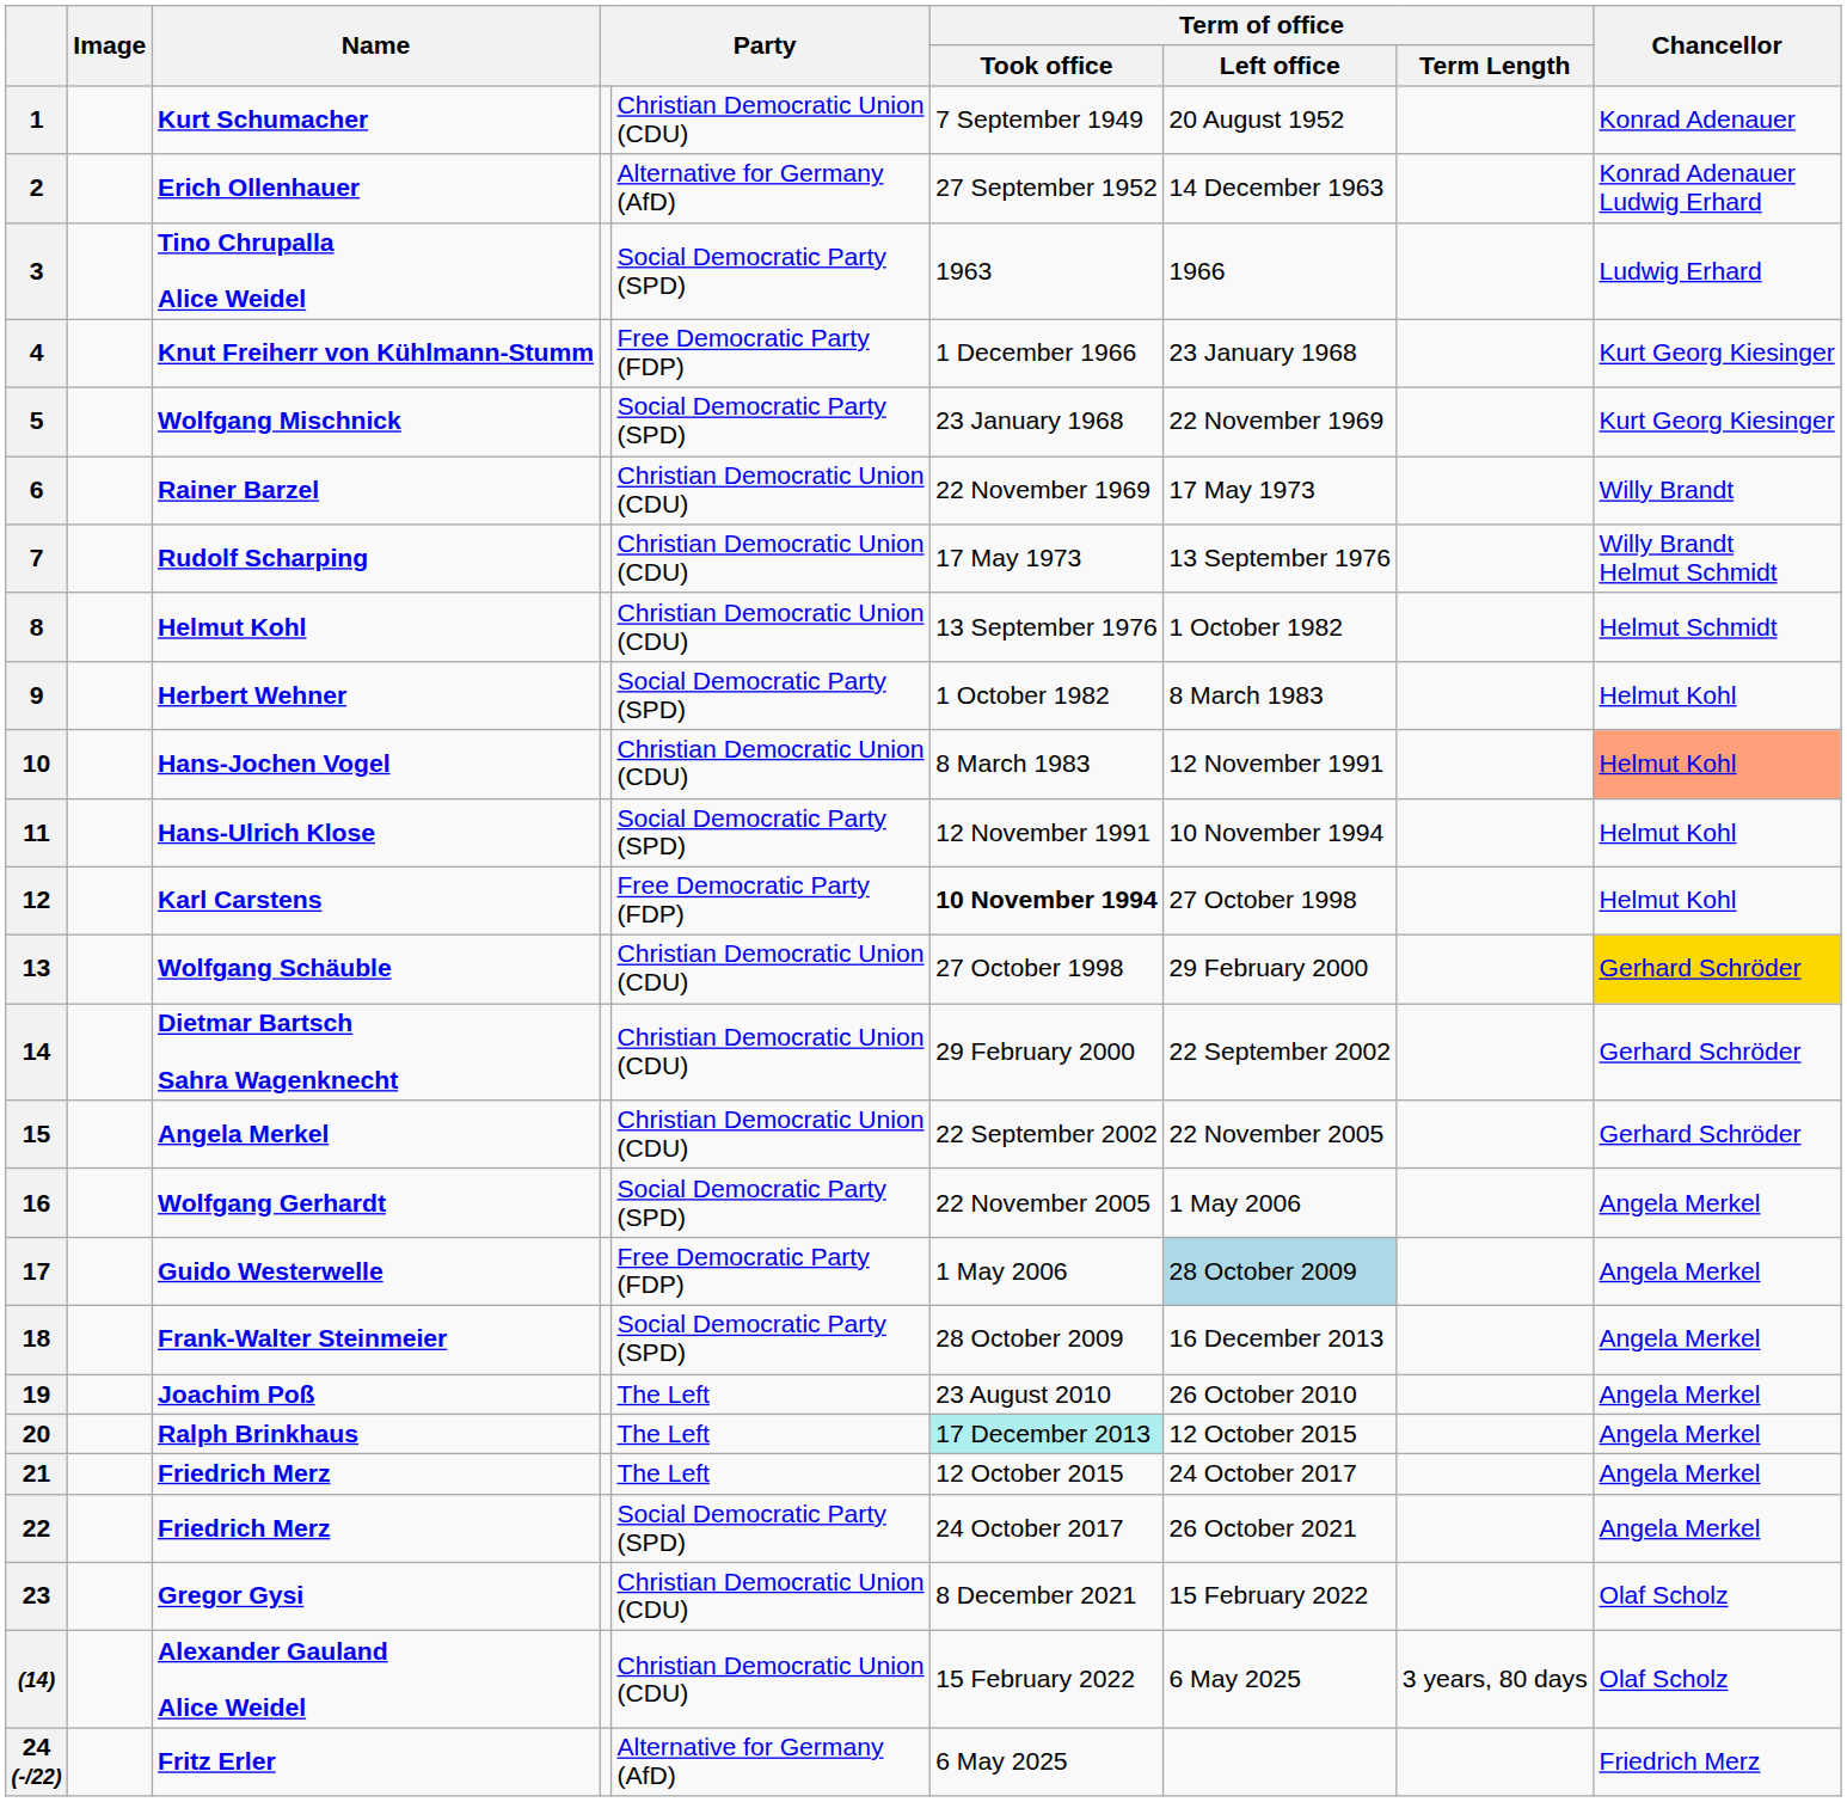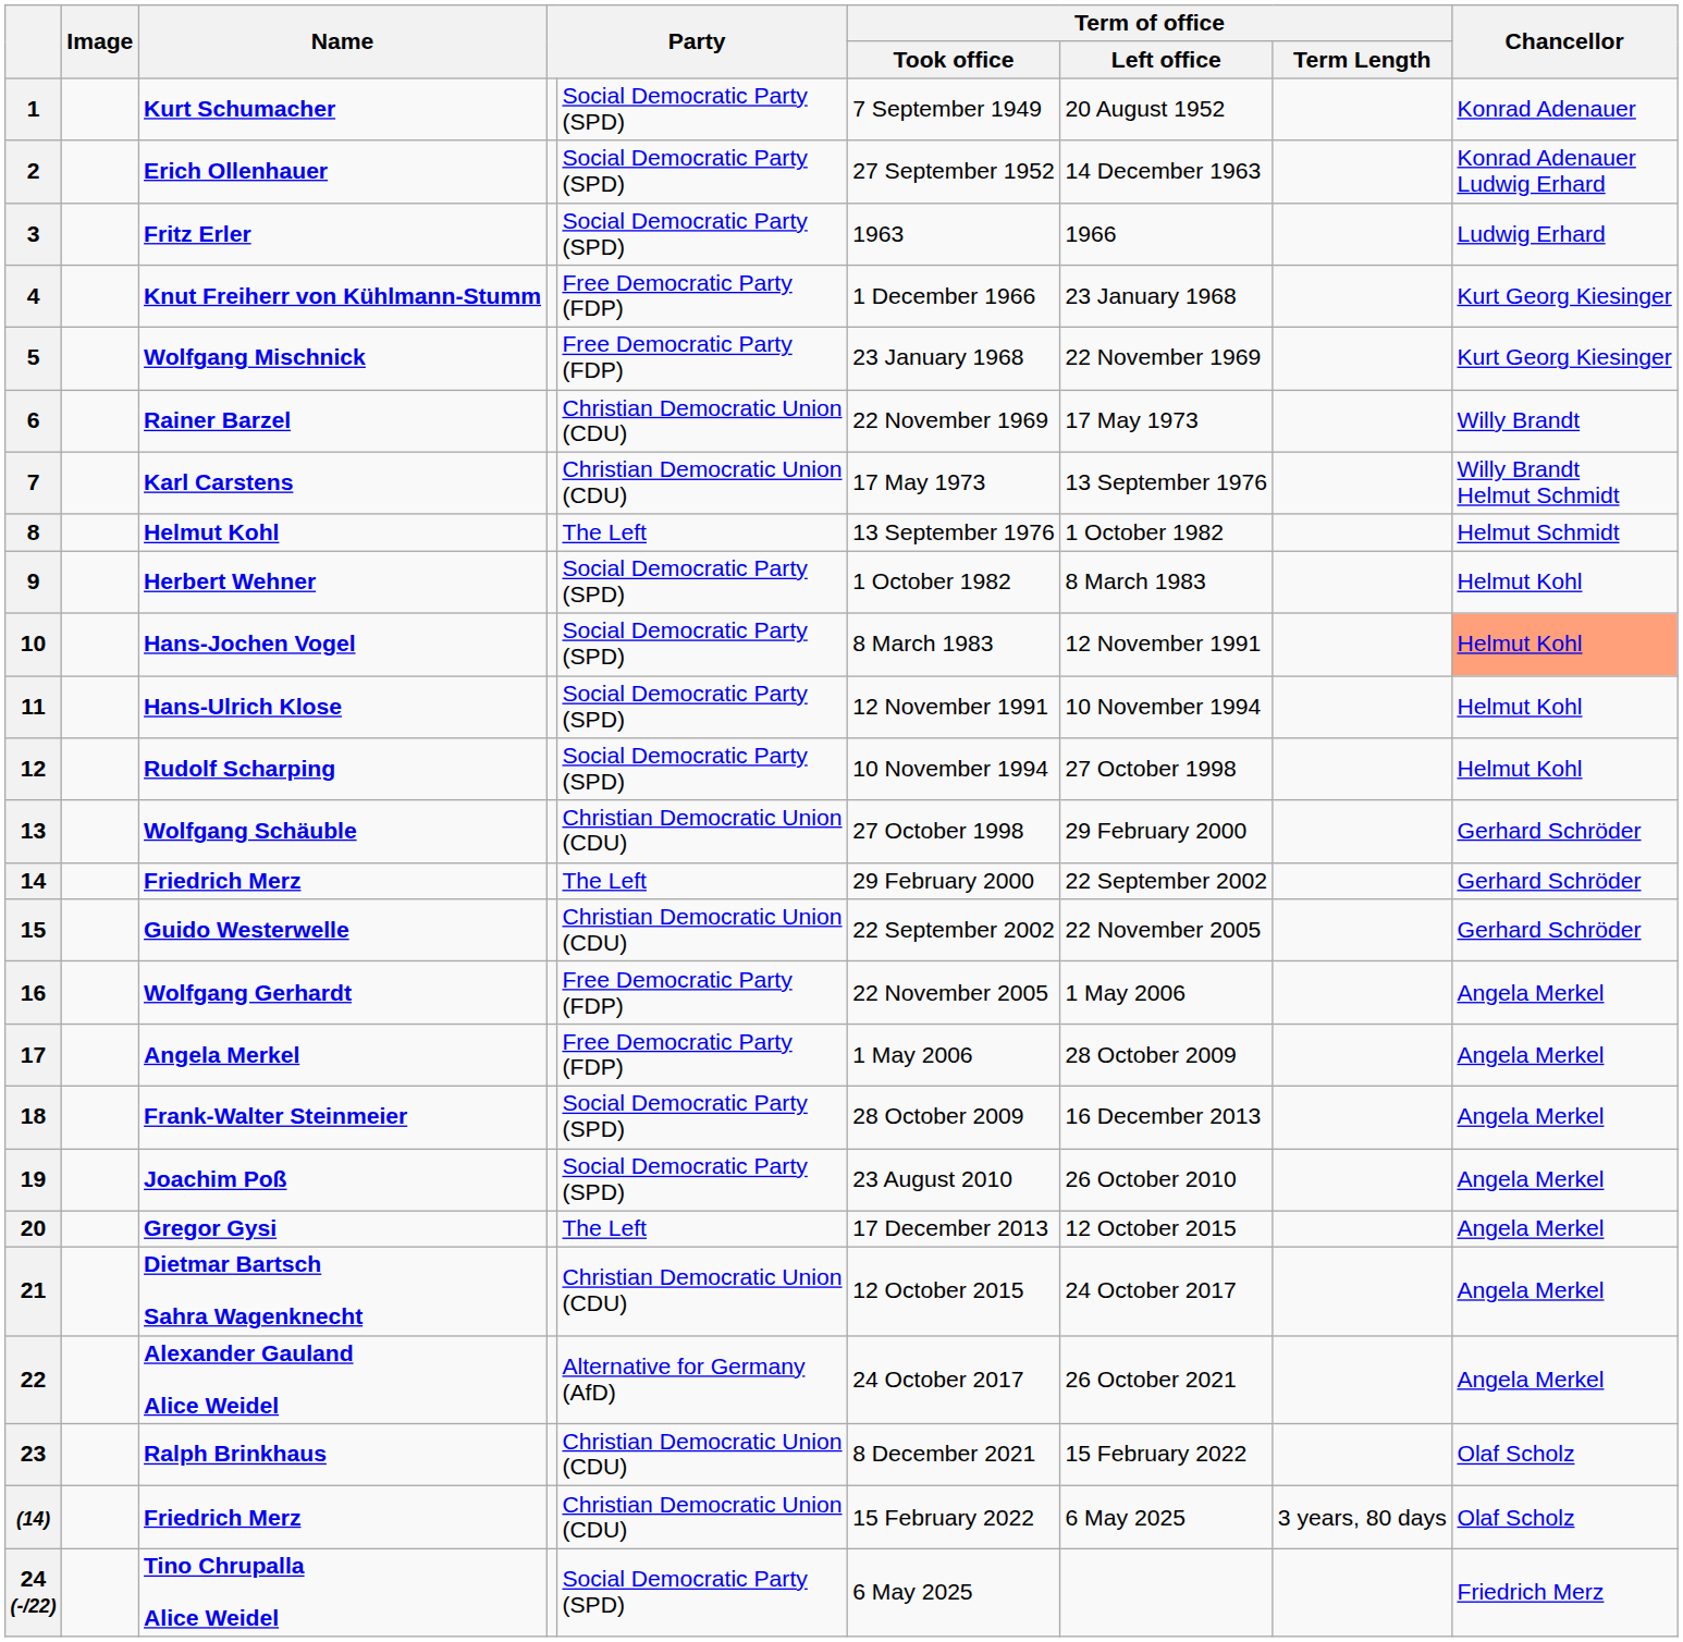 <table class="wikitable">
 <tr>
 <th rowspan=2></th>
 <th rowspan=2>Image</th>
 <th rowspan=2>Name<br></th>
 <th rowspan=2 colspan=2>Party</th>
 <th colspan="3">Term of office</th>
 <th rowspan="2">Chancellor</th>
 </tr>
 <tr>
 <th>Took office</th>
 <th>Left office</th>
 <th>Term Length</th>
 </tr>
 <tr>
 <th>1</th>
 <td></td>
 <td><strong><a href='#'>Kurt Schumacher</a></strong><br></td>
 <td style="background:"></td>
-<td data-sort-value="CDU"><a href='#'>Christian Democratic Union</a><br>(CDU)</td>
+<td data-sort-value="SPD"><a href='#'>Social Democratic Party</a><br>(SPD)</td>
 <td>7 September 1949</td>
 <td>20 August 1952</td>
 <td></td>
 <td><a href='#'>Konrad Adenauer</a></td>
 </tr>
 <tr>
 <th>2</th>
 <td></td>
 <td><strong><a href='#'>Erich Ollenhauer</a></strong><br></td>
 <td style="background:"></td>
-<td data-sort-value="AfD"><a href='#'>Alternative for Germany</a><br>(AfD)</td>
+<td data-sort-value="SPD"><a href='#'>Social Democratic Party</a><br>(SPD)</td>
 <td>27 September 1952</td>
 <td>14 December 1963</td>
 <td></td>
 <td><a href='#'>Konrad Adenauer</a><br><a href='#'>Ludwig Erhard</a></td>
 </tr>
 <tr>
 <th>3</th>
 <td></td>
-<td><strong><a href='#'>Tino Chrupalla</a></strong><br><br><strong><a href='#'>Alice Weidel</a></strong><br></td>
+<td><strong><a href='#'>Fritz Erler</a></strong><br></td>
 <td style="background:"></td>
 <td data-sort-value="SPD"><a href='#'>Social Democratic Party</a><br>(SPD)</td>
 <td>1963</td>
 <td>1966</td>
 <td></td>
 <td><a href='#'>Ludwig Erhard</a></td>
 </tr>
 <tr>
 <th>4</th>
 <td></td>
 <td><strong><a href='#'>Knut Freiherr von Kühlmann-Stumm</a></strong><br></td>
 <td style="background:"></td>
 <td data-sort-value="FDP"><a href='#'>Free Democratic Party</a><br>(FDP)</td>
 <td>1 December 1966</td>
 <td>23 January 1968</td>
 <td></td>
 <td><a href='#'>Kurt Georg Kiesinger</a></td>
 </tr>
 <tr>
 <th>5</th>
 <td></td>
 <td><strong><a href='#'>Wolfgang Mischnick</a></strong><br></td>
 <td style="background:"></td>
-<td data-sort-value="SPD"><a href='#'>Social Democratic Party</a><br>(SPD)</td>
+<td data-sort-value="FDP"><a href='#'>Free Democratic Party</a><br>(FDP)</td>
 <td>23 January 1968</td>
 <td>22 November 1969</td>
 <td></td>
 <td><a href='#'>Kurt Georg Kiesinger</a></td>
 </tr>
 <tr>
 <th>6</th>
 <td></td>
 <td><strong><a href='#'>Rainer Barzel</a></strong><br></td>
 <td style="background:"></td>
 <td data-sort-value="CDU"><a href='#'>Christian Democratic Union</a><br>(CDU)</td>
 <td>22 November 1969</td>
 <td>17 May 1973</td>
 <td></td>
 <td><a href='#'>Willy Brandt</a></td>
 </tr>
 <tr>
 <th>7</th>
 <td></td>
-<td><strong><a href='#'>Rudolf Scharping</a></strong><br></td>
+<td><strong><a href='#'>Karl Carstens</a></strong><br></td>
 <td style="background:"></td>
 <td data-sort-value="CDU"><a href='#'>Christian Democratic Union</a><br>(CDU)</td>
 <td>17 May 1973</td>
 <td>13 September 1976</td>
 <td></td>
 <td><a href='#'>Willy Brandt</a><br><a href='#'>Helmut Schmidt</a></td>
 </tr>
 <tr>
 <th>8</th>
 <td></td>
 <td><strong><a href='#'>Helmut Kohl</a></strong><br></td>
 <td style="background:"></td>
-<td data-sort-value="CDU"><a href='#'>Christian Democratic Union</a><br>(CDU)</td>
+<td data-sort-value="The Left"><a href='#'>The Left</a></td>
 <td>13 September 1976</td>
 <td>1 October 1982</td>
 <td></td>
 <td><a href='#'>Helmut Schmidt</a></td>
 </tr>
 <tr>
 <th>9</th>
 <td></td>
 <td><strong><a href='#'>Herbert Wehner</a></strong><br></td>
 <td style="background:"></td>
 <td data-sort-value="SPD"><a href='#'>Social Democratic Party</a><br>(SPD)</td>
 <td>1 October 1982</td>
 <td>8 March 1983</td>
 <td></td>
 <td><a href='#'>Helmut Kohl</a></td>
 </tr>
 <tr>
 <th>10</th>
 <td></td>
 <td><strong><a href='#'>Hans-Jochen Vogel</a></strong><br></td>
 <td style="background:"></td>
-<td data-sort-value="CDU"><a href='#'>Christian Democratic Union</a><br>(CDU)</td>
+<td data-sort-value="SPD"><a href='#'>Social Democratic Party</a><br>(SPD)</td>
 <td>8 March 1983</td>
 <td>12 November 1991</td>
 <td></td>
 <td style="background: lightsalmon;"><a href='#'>Helmut Kohl</a></td>
 </tr>
 <tr>
 <th>11</th>
 <td></td>
 <td><strong><a href='#'>Hans-Ulrich Klose</a></strong><br></td>
 <td style="background:"></td>
 <td data-sort-value="SPD"><a href='#'>Social Democratic Party</a><br>(SPD)</td>
 <td>12 November 1991</td>
 <td>10 November 1994</td>
 <td></td>
 <td><a href='#'>Helmut Kohl</a></td>
 </tr>
 <tr>
 <th>12</th>
 <td></td>
-<td><strong><a href='#'>Karl Carstens</a></strong><br></td>
+<td><strong><a href='#'>Rudolf Scharping</a></strong><br></td>
 <td style="background:"></td>
-<td data-sort-value="FDP"><a href='#'>Free Democratic Party</a><br>(FDP)</td>
-<td><strong>10 November 1994</strong></td>
+<td data-sort-value="SPD"><a href='#'>Social Democratic Party</a><br>(SPD)</td>
+<td>10 November 1994</td>
 <td>27 October 1998</td>
 <td></td>
 <td><a href='#'>Helmut Kohl</a></td>
 </tr>
 <tr>
 <th>13</th>
 <td></td>
 <td><strong><a href='#'>Wolfgang Schäuble</a></strong><br></td>
 <td style="background:"></td>
 <td data-sort-value="CDU"><a href='#'>Christian Democratic Union</a><br>(CDU)</td>
 <td>27 October 1998</td>
 <td>29 February 2000</td>
 <td></td>
-<td style="background: gold;"><a href='#'>Gerhard Schröder</a></td>
+<td><a href='#'>Gerhard Schröder</a></td>
 </tr>
 <tr>
 <th>14</th>
 <td></td>
-<td><strong><a href='#'>Dietmar Bartsch</a></strong><br><br><strong><a href='#'>Sahra Wagenknecht</a></strong><br></td>
+<td><strong><a href='#'>Friedrich Merz</a></strong><br></td>
 <td style="background:"></td>
-<td data-sort-value="CDU"><a href='#'>Christian Democratic Union</a><br>(CDU)</td>
+<td data-sort-value="The Left"><a href='#'>The Left</a></td>
 <td>29 February 2000</td>
 <td>22 September 2002</td>
 <td></td>
 <td><a href='#'>Gerhard Schröder</a></td>
 </tr>
 <tr>
 <th>15</th>
 <td></td>
-<td><strong><a href='#'>Angela Merkel</a></strong><br></td>
+<td><strong><a href='#'>Guido Westerwelle</a></strong><br></td>
 <td style="background:"></td>
 <td data-sort-value="CDU"><a href='#'>Christian Democratic Union</a><br>(CDU)</td>
 <td>22 September 2002</td>
 <td>22 November 2005</td>
 <td></td>
 <td><a href='#'>Gerhard Schröder</a></td>
 </tr>
 <tr>
 <th>16</th>
 <td></td>
 <td><strong><a href='#'>Wolfgang Gerhardt</a></strong><br></td>
 <td style="background:"></td>
-<td data-sort-value="SPD"><a href='#'>Social Democratic Party</a><br>(SPD)</td>
+<td data-sort-value="FDP"><a href='#'>Free Democratic Party</a><br>(FDP)</td>
 <td>22 November 2005</td>
 <td>1 May 2006</td>
 <td></td>
 <td><a href='#'>Angela Merkel</a></td>
 </tr>
 <tr>
 <th>17</th>
 <td></td>
-<td><strong><a href='#'>Guido Westerwelle</a></strong><br></td>
+<td><strong><a href='#'>Angela Merkel</a></strong><br></td>
 <td style="background:"></td>
 <td data-sort-value="FDP"><a href='#'>Free Democratic Party</a><br>(FDP)</td>
 <td>1 May 2006</td>
-<td style="background: lightblue;">28 October 2009</td>
+<td>28 October 2009</td>
 <td></td>
 <td><a href='#'>Angela Merkel</a></td>
 </tr>
 <tr>
 <th>18</th>
 <td></td>
 <td><strong><a href='#'>Frank-Walter Steinmeier</a></strong><br></td>
 <td style="background:"></td>
 <td data-sort-value="SPD"><a href='#'>Social Democratic Party</a><br>(SPD)</td>
 <td>28 October 2009</td>
 <td>16 December 2013</td>
 <td></td>
 <td><a href='#'>Angela Merkel</a></td>
 </tr>
 <tr>
 <th>19</th>
 <td></td>
 <td><strong><a href='#'>Joachim Poß</a></strong><br></td>
 <td style="background:"></td>
-<td data-sort-value="The Left"><a href='#'>The Left</a></td>
+<td data-sort-value="SPD"><a href='#'>Social Democratic Party</a><br>(SPD)</td>
 <td>23 August 2010</td>
 <td>26 October 2010</td>
 <td></td>
 <td><a href='#'>Angela Merkel</a></td>
 </tr>
 <tr>
 <th>20</th>
 <td></td>
-<td><strong><a href='#'>Ralph Brinkhaus</a></strong><br></td>
+<td><strong><a href='#'>Gregor Gysi</a></strong><br></td>
 <td style="background:"></td>
 <td data-sort-value="The Left"><a href='#'>The Left</a></td>
-<td style="background: paleturquoise;">17 December 2013</td>
+<td>17 December 2013</td>
 <td>12 October 2015</td>
 <td></td>
 <td><a href='#'>Angela Merkel</a></td>
 </tr>
 <tr>
 <th>21</th>
 <td></td>
-<td><strong><a href='#'>Friedrich Merz</a></strong><br></td>
+<td><strong><a href='#'>Dietmar Bartsch</a></strong><br><br><strong><a href='#'>Sahra Wagenknecht</a></strong><br></td>
 <td style="background:"></td>
-<td data-sort-value="The Left"><a href='#'>The Left</a></td>
+<td data-sort-value="CDU"><a href='#'>Christian Democratic Union</a><br>(CDU)</td>
 <td>12 October 2015</td>
 <td>24 October 2017</td>
 <td></td>
 <td><a href='#'>Angela Merkel</a></td>
 </tr>
 <tr>
 <th>22</th>
 <td></td>
-<td><strong><a href='#'>Friedrich Merz</a></strong><br></td>
+<td><strong><a href='#'>Alexander Gauland</a></strong><br><br><strong><a href='#'>Alice Weidel</a></strong><br></td>
 <td style="background:"></td>
-<td data-sort-value="SPD"><a href='#'>Social Democratic Party</a><br>(SPD)</td>
+<td data-sort-value="AfD"><a href='#'>Alternative for Germany</a><br>(AfD)</td>
 <td>24 October 2017</td>
 <td>26 October 2021</td>
 <td></td>
 <td><a href='#'>Angela Merkel</a></td>
 </tr>
 <tr>
 <th>23</th>
 <td></td>
-<td><strong><a href='#'>Gregor Gysi</a></strong><br></td>
+<td><strong><a href='#'>Ralph Brinkhaus</a></strong><br></td>
 <td style="background:"></td>
 <td data-sort-value="CDU"><a href='#'>Christian Democratic Union</a><br>(CDU)</td>
 <td>8 December 2021</td>
 <td>15 February 2022</td>
 <td></td>
 <td><a href='#'>Olaf Scholz</a></td>
 </tr>
 <tr>
 <th><em><small>(14)</small></em></th>
 <td></td>
-<td><strong><a href='#'>Alexander Gauland</a></strong><br><br><strong><a href='#'>Alice Weidel</a></strong><br></td>
+<td><strong><a href='#'>Friedrich Merz</a></strong><br></td>
 <td style="background:"></td>
 <td data-sort-value="CDU"><a href='#'>Christian Democratic Union</a><br>(CDU)</td>
 <td>15 February 2022</td>
 <td>6 May 2025</td>
 <td>3 years, 80 days</td>
 <td><a href='#'>Olaf Scholz</a></td>
 </tr>
 <tr>
 <th>24<br><em><small>(-/22)</small></em></th>
 <td></td>
-<td><strong><a href='#'>Fritz Erler</a></strong><br></td>
+<td><strong><a href='#'>Tino Chrupalla</a></strong><br><br><strong><a href='#'>Alice Weidel</a></strong><br></td>
 <td style="background:"></td>
-<td data-sort-value="AfD"><a href='#'>Alternative for Germany</a><br>(AfD)</td>
+<td data-sort-value="SPD"><a href='#'>Social Democratic Party</a><br>(SPD)</td>
 <td>6 May 2025</td>
 <td></td>
 <td></td>
 <td><a href='#'>Friedrich Merz</a></td>
 </tr>
 </table>
